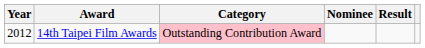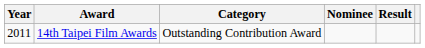 <table class="wikitable">
 <tr>
 <th>Year</th>
 <th>Award</th>
 <th>Category</th>
 <th>Nominee</th>
 <th>Result</th>
 <th></th>
 </tr>
 <tr>
-<td>2012</td>
+<td>2011</td>
 <td><a href='#'>14th Taipei Film Awards</a></td>
-<td style="background: pink;">Outstanding Contribution Award</td>
+<td>Outstanding Contribution Award</td>
 <td></td>
 <td></td>
 <td></td>
 </tr>
 </table>
